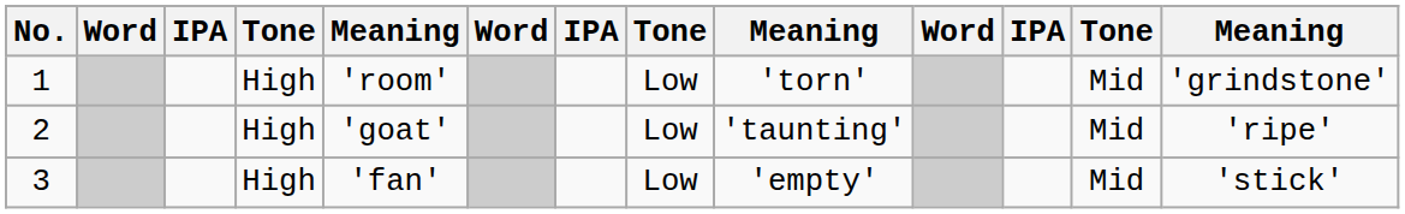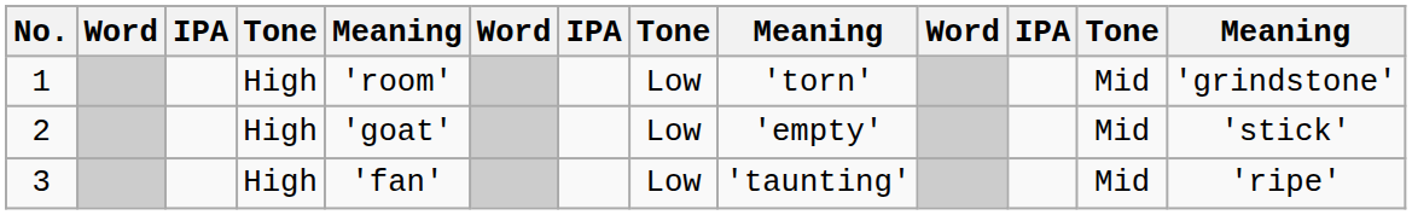 <table class="wikitable" style="text-align:center;">
 <tr>
 <th>No.</th>
 <th>Word</th>
 <th>IPA</th>
 <th>Tone</th>
 <th>Meaning</th>
 <th>Word</th>
 <th>IPA</th>
 <th>Tone</th>
 <th>Meaning</th>
 <th>Word</th>
 <th>IPA</th>
 <th>Tone</th>
 <th>Meaning</th>
 </tr>
 <tr>
 <td>1</td>
 <td bgcolor="#CCCCCC"></td>
 <td></td>
 <td>High</td>
 <td>'room'</td>
 <td bgcolor="#CCCCCC"></td>
 <td></td>
 <td>Low</td>
 <td>'torn'</td>
 <td bgcolor="#CCCCCC"></td>
 <td></td>
 <td>Mid</td>
 <td>'grindstone'</td>
 </tr>
 <tr>
 <td>2</td>
 <td bgcolor="#CCCCCC"></td>
 <td></td>
 <td>High</td>
 <td>'goat'</td>
 <td bgcolor="#CCCCCC"></td>
 <td></td>
 <td>Low</td>
-<td>'taunting'</td>
+<td>'empty'</td>
 <td bgcolor="#CCCCCC"></td>
 <td></td>
 <td>Mid</td>
-<td>'ripe'</td>
+<td>'stick'</td>
 </tr>
 <tr>
 <td>3</td>
 <td bgcolor="#CCCCCC"></td>
 <td></td>
 <td>High</td>
 <td>'fan'</td>
 <td bgcolor="#CCCCCC"></td>
 <td></td>
 <td>Low</td>
-<td>'empty'</td>
+<td>'taunting'</td>
 <td bgcolor="#CCCCCC"></td>
 <td></td>
 <td>Mid</td>
-<td>'stick'</td>
+<td>'ripe'</td>
 </tr>
 </table>
